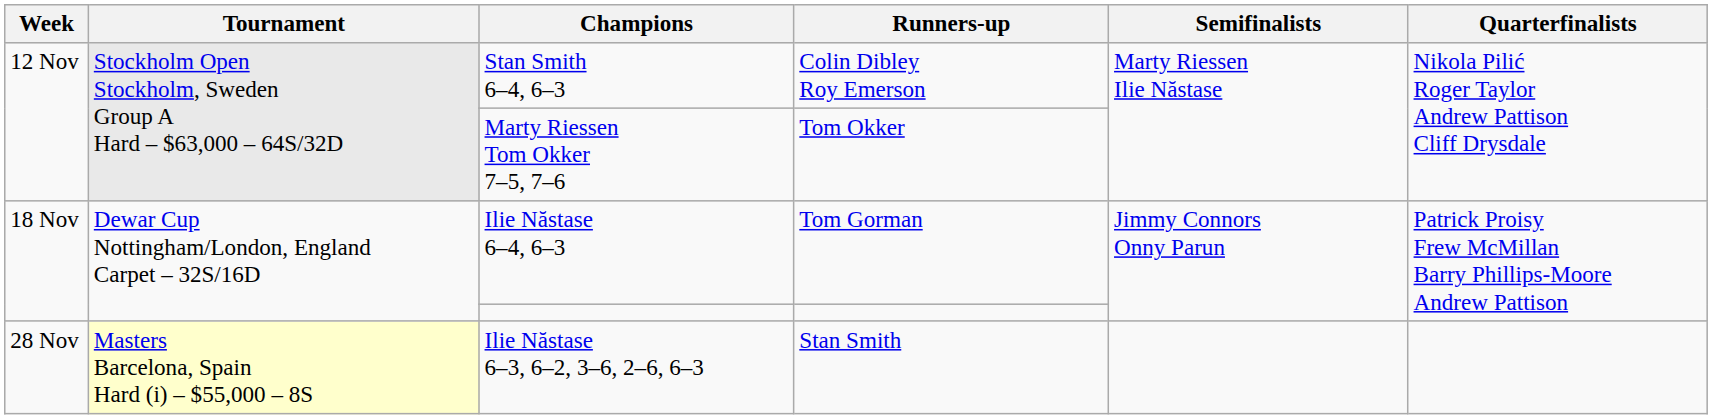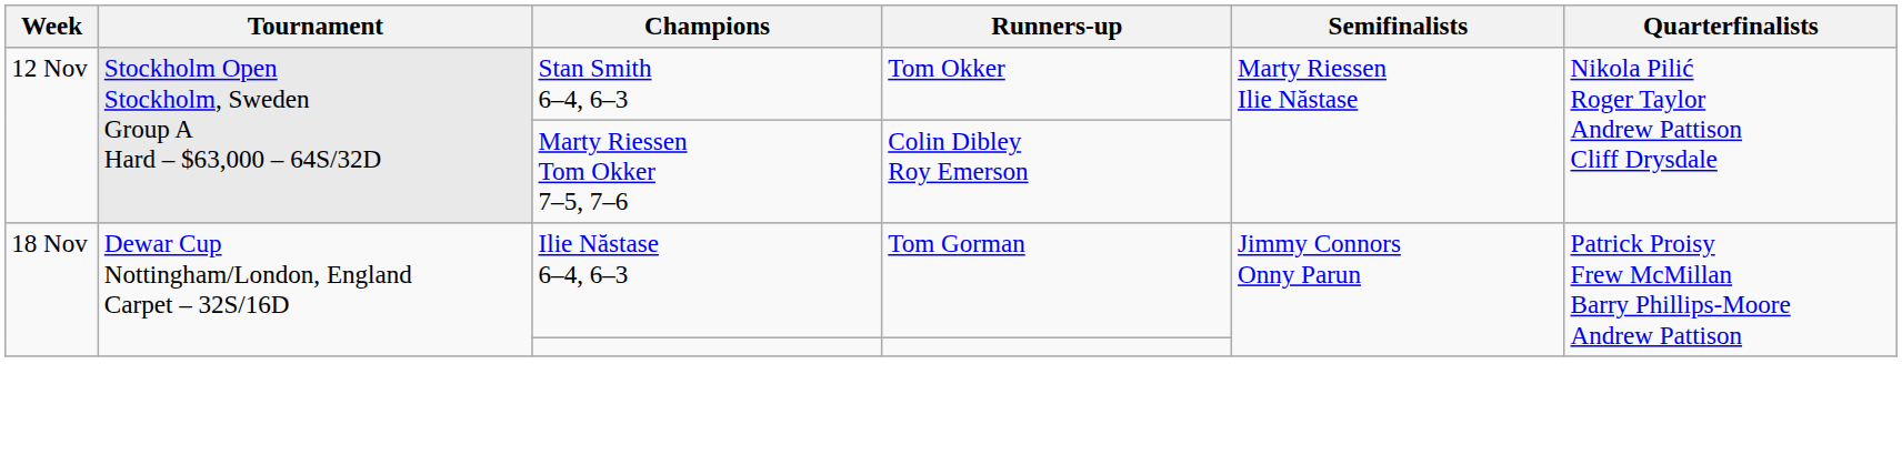 <table class=wikitable style=font-size:95%>
 <tr>
 <th style="width:48px;">Week</th>
 <th style="width:250px;">Tournament</th>
 <th style="width:200px;">Champions</th>
 <th style="width:200px;">Runners-up</th>
 <th style="width:190px;">Semifinalists</th>
 <th style="width:190px;">Quarterfinalists</th>
 </tr>
 <tr valign=top>
 <td rowspan=2>12 Nov</td>
 <td style="background:#E9E9E9;" rowspan="2"><a href='#'>Stockholm Open</a> <br>  <a href='#'>Stockholm</a>, Sweden <br>  Group A <br> Hard – $63,000 – 64S/32D</td>
 <td> <a href='#'>Stan Smith</a> <br> 6–4, 6–3</td>
-<td> <a href='#'>Colin Dibley</a> <br>  <a href='#'>Roy Emerson</a></td>
+<td> <a href='#'>Tom Okker</a></td>
 <td rowspan=2> <a href='#'>Marty Riessen</a> <br>  <a href='#'>Ilie Năstase</a></td>
 <td rowspan=2> <a href='#'>Nikola Pilić</a> <br>  <a href='#'>Roger Taylor</a> <br>  <a href='#'>Andrew Pattison</a> <br>  <a href='#'>Cliff Drysdale</a></td>
 </tr>
 <tr valign=top>
 <td> <a href='#'>Marty Riessen</a> <br>  <a href='#'>Tom Okker</a> <br> 7–5, 7–6</td>
-<td> <a href='#'>Tom Okker</a></td>
+<td> <a href='#'>Colin Dibley</a> <br>  <a href='#'>Roy Emerson</a></td>
 </tr>
 <tr valign=top>
 <td rowspan=2>18 Nov</td>
 <td rowspan=2><a href='#'>Dewar Cup</a> <br> Nottingham/London, England <br> Carpet – 32S/16D</td>
 <td> <a href='#'>Ilie Năstase</a> <br> 6–4, 6–3</td>
 <td> <a href='#'>Tom Gorman</a></td>
 <td rowspan=2> <a href='#'>Jimmy Connors</a> <br>  <a href='#'>Onny Parun</a></td>
 <td rowspan=2> <a href='#'>Patrick Proisy</a> <br>  <a href='#'>Frew McMillan</a> <br>  <a href='#'>Barry Phillips-Moore</a> <br>  <a href='#'>Andrew Pattison</a></td>
 </tr>
 <tr valign=top>
 <td></td>
 </tr>
-<tr valign=top>
-<td>28 Nov</td>
-<td style="background:#FFC"><a href='#'>Masters</a> <br> Barcelona, Spain <br> Hard (i) – $55,000 – 8S</td>
-<td> <a href='#'>Ilie Năstase</a> <br> 6–3, 6–2, 3–6, 2–6, 6–3</td>
-<td> <a href='#'>Stan Smith</a></td>
-<td></td>
-<td></td>
-</tr>
 </table>
